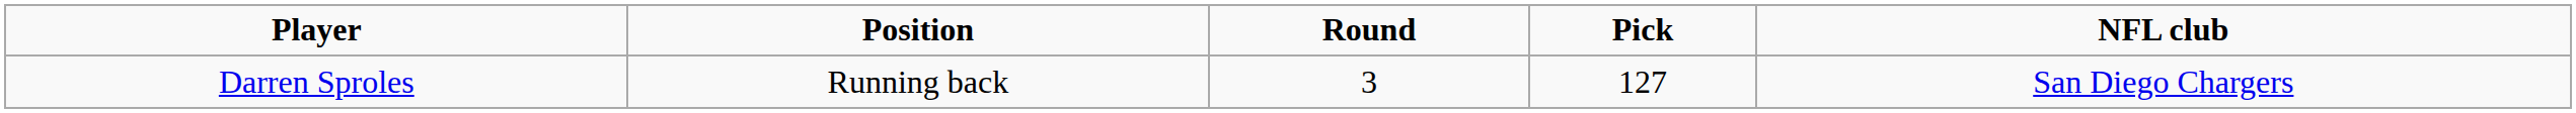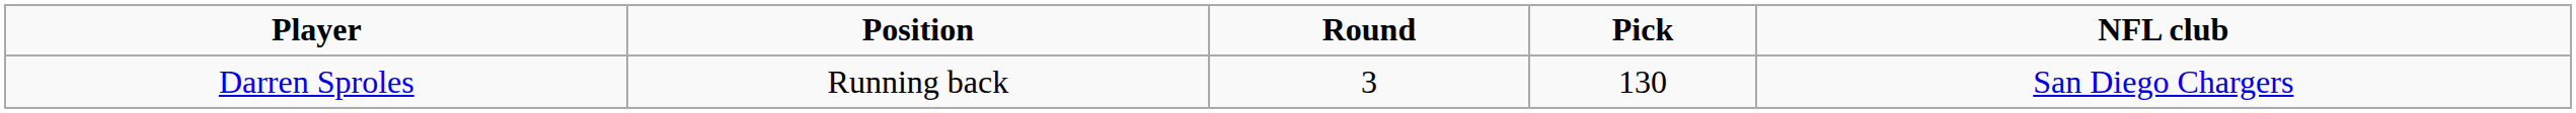 <table class="wikitable" width="80%">
 <tr align="center">
 <td><strong>Player</strong></td>
 <td><strong>Position</strong></td>
 <td><strong>Round</strong></td>
 <td><strong>Pick</strong></td>
 <td><strong>NFL club</strong></td>
 </tr>
 <tr align="center" bgcolor="">
 <td><a href='#'>Darren Sproles</a></td>
 <td>Running back</td>
 <td>3</td>
-<td>127</td>
+<td>130</td>
 <td><a href='#'>San Diego Chargers</a></td>
 </tr>
 <tr align="center" bgcolor="">
 </tr>
 </table>
